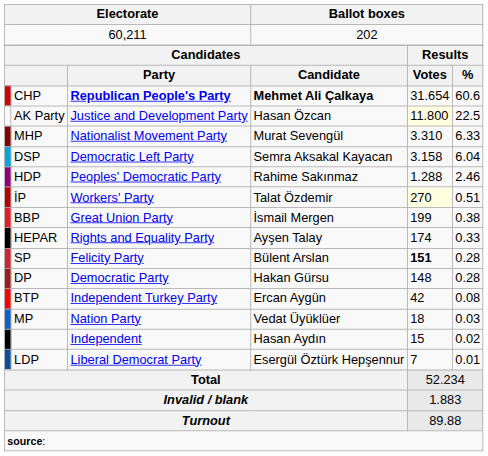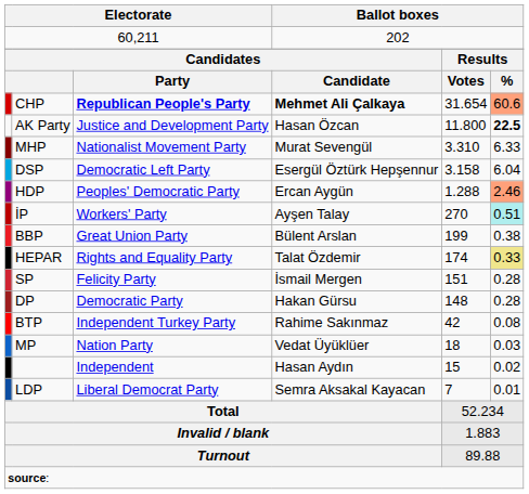 <table class="wikitable">
 <tr style="background-color:#F2F2F2">
 <td align="center" colspan="3"><strong>Electorate</strong></td>
 <td align="center" colspan="7"><strong>Ballot boxes</strong></td>
 </tr>
 <tr align="left">
 <td align="center" colspan="3">60,211</td>
 <td align="center" colspan="7">202</td>
 </tr>
 <tr>
 </tr>
 <tr style="background-color:#E9E9E9">
 </tr>
 <tr>
 <th align="center" colspan="4">Candidates</th>
 <th align="center" colspan="6">Results</th>
 </tr>
 <tr style="background-color:#E9E9E9">
 <th align="center" colspan="2"></th>
 <th align="center">Party</th>
 <th align="center">Candidate</th>
 <th align="center">Votes</th>
 <th align="center">%</th>
 </tr>
 <tr align="left">
 <td bgcolor="#d50000" width=1></td>
 <td>CHP</td>
 <td><strong><a href='#'>Republican People's Party</a></strong></td>
 <td><strong>Mehmet Ali Çalkaya</strong></td>
 <td>31.654</td>
-<td>60.6</td>
+<td style="background: lightsalmon;">60.6</td>
 </tr>
 <tr align="left">
 <td></td>
 <td>AK Party</td>
 <td><a href='#'>Justice and Development Party</a></td>
 <td>Hasan Özcan</td>
-<td style="background: lightyellow;">11.800</td>
-<td>22.5</td>
+<td>11.800</td>
+<td><strong>22.5</strong></td>
 </tr>
 <tr align="left">
 <td bgcolor="#870000" width=1></td>
 <td>MHP</td>
 <td><a href='#'>Nationalist Movement Party</a></td>
 <td>Murat Sevengül</td>
 <td>3.310</td>
 <td>6.33</td>
 </tr>
 <tr align="left">
 <td bgcolor="#01A7E1" width=1></td>
 <td>DSP</td>
 <td><a href='#'>Democratic Left Party</a></td>
-<td>Semra Aksakal Kayacan</td>
+<td>Esergül Öztürk Hepşennur</td>
 <td>3.158</td>
 <td>6.04</td>
 </tr>
 <tr align="left">
 <td bgcolor="#91007B" width=1></td>
 <td>HDP</td>
 <td><a href='#'>Peoples' Democratic Party</a></td>
-<td>Rahime Sakınmaz</td>
+<td>Ercan Aygün</td>
 <td>1.288</td>
-<td>2.46</td>
+<td style="background: lightsalmon;">2.46</td>
 </tr>
 <tr align="left">
 <td bgcolor="#BB0000" width=1></td>
 <td>İP</td>
 <td><a href='#'>Workers' Party</a></td>
-<td>Talat Özdemir</td>
-<td style="background: lightyellow;">270</td>
-<td>0.51</td>
+<td>Ayşen Talay</td>
+<td>270</td>
+<td style="background: paleturquoise;">0.51</td>
 </tr>
 <tr align="left">
 <td bgcolor="#ED1C24" width=1></td>
 <td>BBP</td>
 <td><a href='#'>Great Union Party</a></td>
-<td>İsmail Mergen</td>
+<td>Bülent Arslan</td>
 <td>199</td>
 <td>0.38</td>
 </tr>
 <tr align="left">
 <td bgcolor="#000000" width=1></td>
 <td>HEPAR</td>
 <td><a href='#'>Rights and Equality Party</a></td>
-<td>Ayşen Talay</td>
+<td>Talat Özdemir</td>
 <td>174</td>
-<td>0.33</td>
+<td style="background: khaki;">0.33</td>
 </tr>
 <tr align="left">
 <td bgcolor="#D02433" width=1></td>
 <td>SP</td>
 <td><a href='#'>Felicity Party</a></td>
-<td>Bülent Arslan</td>
-<td><strong>151</strong></td>
+<td>İsmail Mergen</td>
+<td>151</td>
 <td>0.28</td>
 </tr>
 <tr align="left">
 <td bgcolor="#9D1D1E" width=1></td>
 <td>DP</td>
 <td><a href='#'>Democratic Party</a></td>
 <td>Hakan Gürsu</td>
 <td>148</td>
 <td>0.28</td>
 </tr>
 <tr align="left">
 <td bgcolor="#FE0000" width=1></td>
 <td>BTP</td>
 <td><a href='#'>Independent Turkey Party</a></td>
-<td>Ercan Aygün</td>
+<td>Rahime Sakınmaz</td>
 <td>42</td>
 <td>0.08</td>
 </tr>
 <tr align="left">
 <td bgcolor="#0C63CA" width=1></td>
 <td>MP</td>
 <td><a href='#'>Nation Party</a></td>
 <td>Vedat Üyüklüer</td>
 <td>18</td>
 <td>0.03</td>
 </tr>
 <tr align="left">
 <td bgcolor=" " width=1></td>
 <td></td>
 <td><a href='#'>Independent</a></td>
 <td>Hasan Aydın</td>
 <td>15</td>
 <td>0.02</td>
 </tr>
 <tr align="left">
 <td bgcolor="#0C4DA2" width=1></td>
 <td>LDP</td>
 <td><a href='#'>Liberal Democrat Party</a></td>
-<td>Esergül Öztürk Hepşennur</td>
+<td>Semra Aksakal Kayacan</td>
 <td>7</td>
 <td>0.01</td>
 </tr>
 <tr style="background-color:#E9E9E9" align="left">
 <th align="center" colspan="4"><strong>Total</strong></th>
 <td align="center" colspan="5">52.234</td>
 </tr>
 <tr style="background-color:#E9E9E9" align="left">
 <th align="center" colspan="4"><em>Invalid / blank</em></th>
 <td align="center" colspan="5">1.883</td>
 </tr>
 <tr style="background-color:#E9E9E9" align="left">
 <th align="center" colspan="4"><em>Turnout</em></th>
 <td align="center" colspan="5">89.88</td>
 </tr>
 <tr>
 <td align="left" colspan=10><small><strong>source</strong>: </small></td>
 </tr>
 </table>
